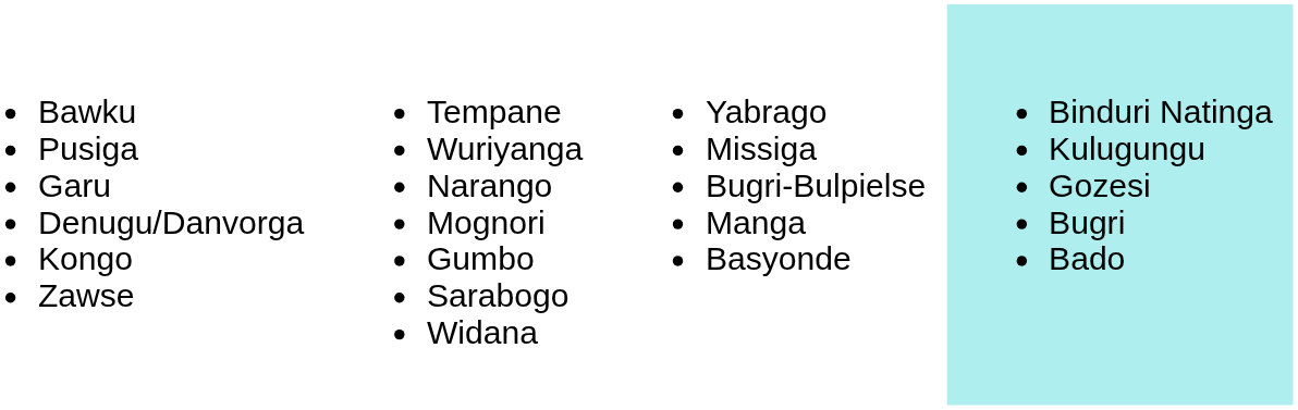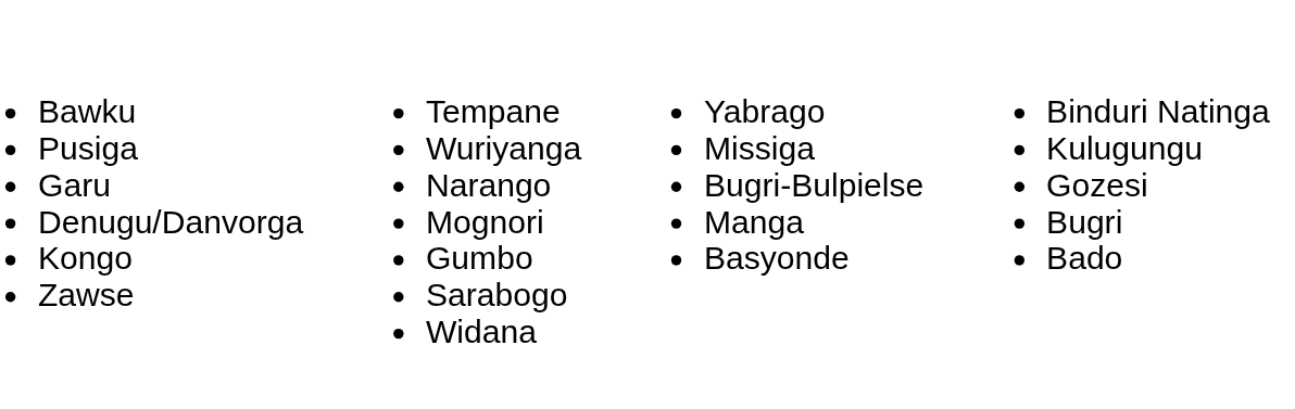 <table border="0" cellpadding="10" cellspacing="0">
 <tr>
 </tr>
 <tr valign="top">
 <td><br><ul><li>Bawku</li><li>Pusiga</li><li>Garu</li><li>Denugu/Danvorga</li><li>Kongo</li><li>Zawse</li></ul></td>
 <td><br><ul><li>Tempane</li><li>Wuriyanga</li><li>Narango</li><li>Mognori</li><li>Gumbo</li><li>Sarabogo</li><li>Widana</li></ul></td>
 <td><br><ul><li>Yabrago</li><li>Missiga</li><li>Bugri-Bulpielse</li><li>Manga</li><li>Basyonde</li></ul></td>
-<td style="background: paleturquoise;"><br><ul><li>Binduri Natinga</li><li>Kulugungu</li><li>Gozesi</li><li>Bugri</li><li>Bado</li></ul></td>
+<td><br><ul><li>Binduri Natinga</li><li>Kulugungu</li><li>Gozesi</li><li>Bugri</li><li>Bado</li></ul></td>
 </tr>
 </table>
